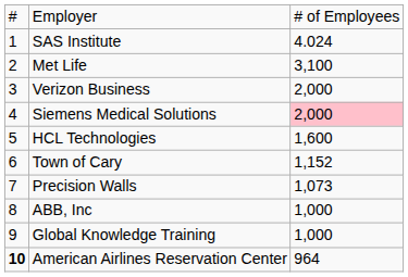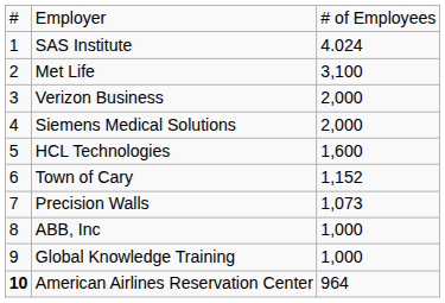 <table class="wikitable">
 <tr>
 <td>#</td>
 <td>Employer</td>
 <td># of Employees</td>
 </tr>
 <tr>
 <td>1</td>
 <td>SAS Institute</td>
 <td>4.024</td>
 </tr>
 <tr>
 <td>2</td>
 <td>Met Life</td>
 <td>3,100</td>
 </tr>
 <tr>
 <td>3</td>
 <td>Verizon Business</td>
 <td>2,000</td>
 </tr>
 <tr>
 <td>4</td>
 <td>Siemens Medical Solutions</td>
-<td style="background: pink;">2,000</td>
+<td>2,000</td>
 </tr>
 <tr>
 <td>5</td>
 <td>HCL Technologies</td>
 <td>1,600</td>
 </tr>
 <tr>
 <td>6</td>
 <td>Town of Cary</td>
 <td>1,152</td>
 </tr>
 <tr>
 <td>7</td>
 <td>Precision Walls</td>
 <td>1,073</td>
 </tr>
 <tr>
 <td>8</td>
 <td>ABB, Inc</td>
 <td>1,000</td>
 </tr>
 <tr>
 <td>9</td>
 <td>Global Knowledge Training</td>
 <td>1,000</td>
 </tr>
 <tr>
 <td><strong>10</strong></td>
 <td>American Airlines Reservation Center</td>
 <td>964</td>
 </tr>
 </table>
